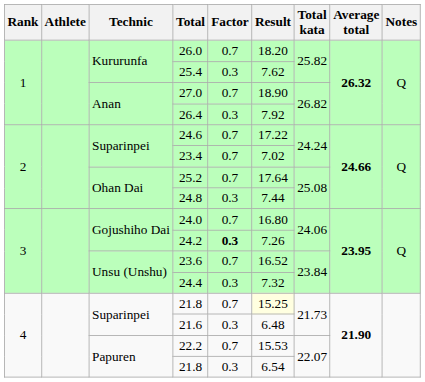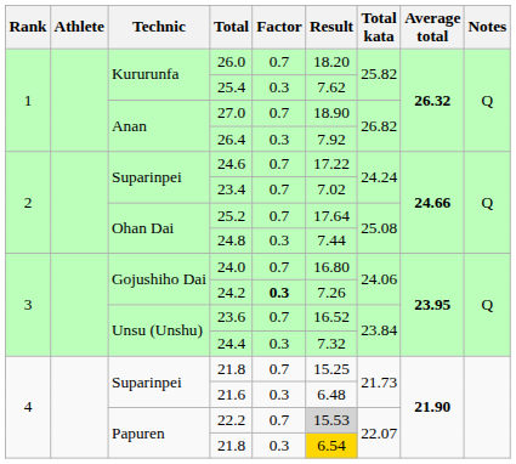 <table class="wikitable" style="text-align:center">
 <tr>
 <th>Rank</th>
 <th>Athlete</th>
 <th>Technic</th>
 <th>Total</th>
 <th>Factor</th>
 <th>Result</th>
 <th>Total<br>kata</th>
 <th>Average<br>total</th>
 <th>Notes</th>
 </tr>
 <tr bgcolor=bbffbb>
 <td rowspan=4>1</td>
 <td rowspan=4 align=left></td>
 <td rowspan=2 align=left>Kururunfa</td>
 <td>26.0</td>
 <td>0.7</td>
 <td>18.20</td>
 <td rowspan=2>25.82</td>
 <td rowspan=4><strong>26.32</strong></td>
 <td rowspan=4>Q</td>
 </tr>
 <tr bgcolor=bbffbb>
 <td>25.4</td>
 <td>0.3</td>
 <td>7.62</td>
 </tr>
 <tr bgcolor=bbffbb>
 <td rowspan=2 align=left>Anan</td>
 <td>27.0</td>
 <td>0.7</td>
 <td>18.90</td>
 <td rowspan=2>26.82</td>
 </tr>
 <tr bgcolor=bbffbb>
 <td>26.4</td>
 <td>0.3</td>
 <td>7.92</td>
 </tr>
 <tr bgcolor=bbffbb>
 <td rowspan=4>2</td>
 <td rowspan=4 align=left></td>
 <td rowspan=2 align=left>Suparinpei</td>
 <td>24.6</td>
 <td>0.7</td>
 <td>17.22</td>
 <td rowspan=2>24.24</td>
 <td rowspan=4><strong>24.66</strong></td>
 <td rowspan=4>Q</td>
 </tr>
 <tr bgcolor=bbffbb>
 <td>23.4</td>
 <td>0.7</td>
 <td>7.02</td>
 </tr>
 <tr bgcolor=bbffbb>
 <td rowspan=2 align=left>Ohan Dai</td>
 <td>25.2</td>
 <td>0.7</td>
 <td>17.64</td>
 <td rowspan=2>25.08</td>
 </tr>
 <tr bgcolor=bbffbb>
 <td>24.8</td>
 <td>0.3</td>
 <td>7.44</td>
 </tr>
 <tr bgcolor=bbffbb>
 <td rowspan=4>3</td>
 <td rowspan=4 align=left></td>
 <td rowspan=2 align=left>Gojushiho Dai</td>
 <td>24.0</td>
 <td>0.7</td>
 <td>16.80</td>
 <td rowspan=2>24.06</td>
 <td rowspan=4><strong>23.95</strong></td>
 <td rowspan=4>Q</td>
 </tr>
 <tr bgcolor=bbffbb>
 <td>24.2</td>
 <td><strong>0.3</strong></td>
 <td>7.26</td>
 </tr>
 <tr bgcolor=bbffbb>
 <td rowspan=2 align=left>Unsu (Unshu)</td>
 <td>23.6</td>
 <td>0.7</td>
 <td>16.52</td>
 <td rowspan=2>23.84</td>
 </tr>
 <tr bgcolor=bbffbb>
 <td>24.4</td>
 <td>0.3</td>
 <td>7.32</td>
 </tr>
 <tr>
 <td rowspan=4>4</td>
 <td rowspan=4 align=left></td>
 <td rowspan=2 align=left>Suparinpei</td>
 <td>21.8</td>
 <td>0.7</td>
-<td style="background: lightyellow;">15.25</td>
+<td>15.25</td>
 <td rowspan=2>21.73</td>
 <td rowspan=4><strong>21.90</strong></td>
 <td rowspan=4></td>
 </tr>
 <tr>
 <td>21.6</td>
 <td>0.3</td>
 <td>6.48</td>
 </tr>
 <tr>
 <td rowspan=2 align=left>Papuren</td>
 <td>22.2</td>
 <td>0.7</td>
-<td>15.53</td>
+<td style="background: lightgrey;">15.53</td>
 <td rowspan=2>22.07</td>
 </tr>
 <tr>
 <td>21.8</td>
 <td>0.3</td>
-<td>6.54</td>
+<td style="background: gold;">6.54</td>
 </tr>
 </table>
